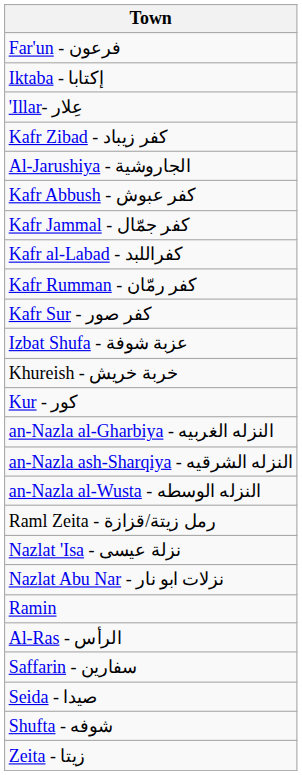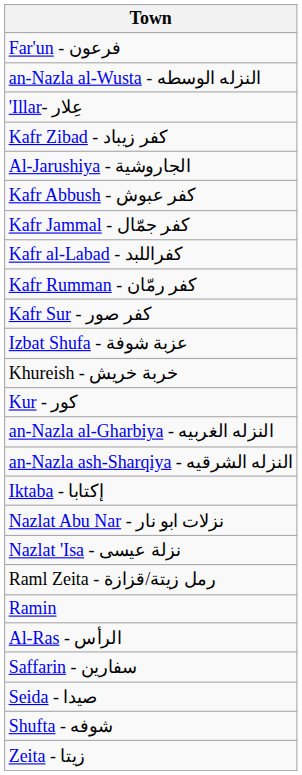 <table class="wikitable">
 <tr>
 <th>Town</th>
 </tr>
 <tr>
 <td><a href='#'>Far'un</a> - فرعون</td>
 </tr>
 <tr>
-<td><a href='#'>Iktaba</a> -  إكتابا</td>
+<td><a href='#'>an-Nazla al-Wusta</a> - النزله الوسطه</td>
 </tr>
 <tr>
 <td><a href='#'>'Illar</a>- عِلار</td>
 </tr>
 <tr>
 <td><a href='#'>Kafr Zibad</a> - كفر زيباد</td>
 </tr>
 <tr>
 <td><a href='#'>Al-Jarushiya</a> - الجاروشية</td>
 </tr>
 <tr>
 <td><a href='#'>Kafr Abbush</a> - كفر عبوش</td>
 </tr>
 <tr>
 <td><a href='#'>Kafr Jammal</a> - كفر جمّال</td>
 </tr>
 <tr>
 <td><a href='#'>Kafr al-Labad</a> - كفراللبد</td>
 </tr>
 <tr>
 <td><a href='#'>Kafr Rumman</a> - كفر رمّان</td>
 </tr>
 <tr>
 <td><a href='#'>Kafr Sur</a> - كفر صور</td>
 </tr>
 <tr>
 <td><a href='#'>Izbat Shufa</a> - عزبة شوفة</td>
 </tr>
 <tr>
 <td>Khureish - خربة خريش</td>
 </tr>
 <tr>
 <td><a href='#'>Kur</a> - كور</td>
 </tr>
 <tr>
 <td><a href='#'>an-Nazla al-Gharbiya</a> - النزله الغربيه</td>
 </tr>
 <tr>
 <td><a href='#'>an-Nazla ash-Sharqiya</a> - النزله الشرقيه</td>
 </tr>
 <tr>
-<td><a href='#'>an-Nazla al-Wusta</a> - النزله الوسطه</td>
+<td><a href='#'>Iktaba</a> -  إكتابا</td>
 </tr>
 <tr>
-<td>Raml Zeita - رمل زيتة/قزازة</td>
+<td><a href='#'>Nazlat Abu Nar</a> - نزلات ابو نار</td>
 </tr>
 <tr>
 <td><a href='#'>Nazlat 'Isa</a> - نزلة عيسى</td>
 </tr>
 <tr>
-<td><a href='#'>Nazlat Abu Nar</a> - نزلات ابو نار</td>
+<td>Raml Zeita - رمل زيتة/قزازة</td>
 </tr>
 <tr>
 <td><a href='#'>Ramin</a></td>
 </tr>
 <tr>
 <td><a href='#'>Al-Ras</a> - الرأس</td>
 </tr>
 <tr>
 <td><a href='#'>Saffarin</a> - سفارين</td>
 </tr>
 <tr>
 <td><a href='#'>Seida</a> - صيدا</td>
 </tr>
 <tr>
 <td><a href='#'>Shufta</a> - شوفه</td>
 </tr>
 <tr>
 <td><a href='#'>Zeita</a> - زيتا</td>
 </tr>
 </table>
